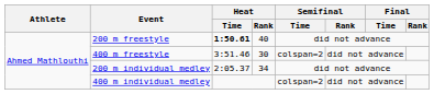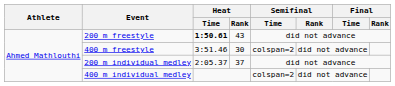 <table class=wikitable style="font-size:90%">
 <tr>
 <th rowspan="2">Athlete</th>
 <th rowspan="2">Event</th>
 <th colspan="2">Heat</th>
 <th colspan="2">Semifinal</th>
 <th colspan="2">Final</th>
 </tr>
 <tr style="font-size:95%">
 <th>Time</th>
 <th>Rank</th>
 <th>Time</th>
 <th>Rank</th>
 <th>Time</th>
 <th>Rank</th>
 </tr>
 <tr align=center>
 <td align=left rowspan=4><a href='#'>Ahmed Mathlouthi</a></td>
 <td align=left><a href='#'>200 m freestyle</a></td>
 <td><strong>1:50.61</strong></td>
-<td>40</td>
+<td>43</td>
 <td colspan=4>did not advance</td>
 </tr>
 <tr align=center>
 <td align=left><a href='#'>400 m freestyle</a></td>
 <td>3:51.46</td>
 <td>30</td>
 <td>colspan=2 </td>
 <td colspan=2>did not advance</td>
 </tr>
 <tr align=center>
 <td align=left><a href='#'>200 m individual medley</a></td>
 <td>2:05.37</td>
-<td>34</td>
+<td>37</td>
 <td colspan=4>did not advance</td>
 </tr>
 <tr align=center>
 <td align=left><a href='#'>400 m individual medley</a></td>
 <td colspan=2></td>
 <td>colspan=2 </td>
 <td colspan=2>did not advance</td>
 </tr>
 </table>
